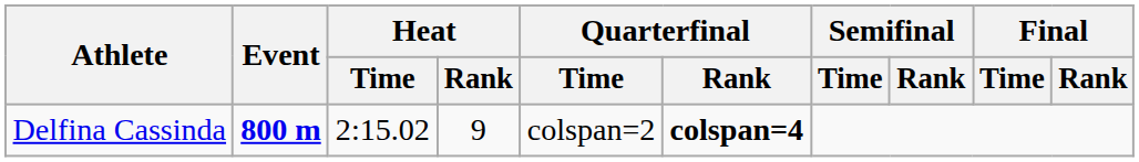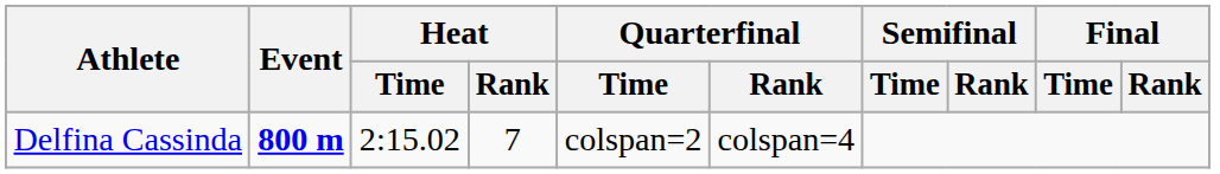 <table class=wikitable style=font-size:90%;text-align:center>
 <tr>
 <th rowspan=2>Athlete</th>
 <th rowspan=2>Event</th>
 <th colspan=2>Heat</th>
 <th colspan=2>Quarterfinal</th>
 <th colspan=2>Semifinal</th>
 <th colspan=2>Final</th>
 </tr>
 <tr style=font-size:95%>
 <th>Time</th>
 <th>Rank</th>
 <th>Time</th>
 <th>Rank</th>
 <th>Time</th>
 <th>Rank</th>
 <th>Time</th>
 <th>Rank</th>
 </tr>
 <tr>
 <td align=left><a href='#'>Delfina Cassinda</a></td>
 <td align=left><strong><a href='#'>800 m</a></strong></td>
 <td>2:15.02</td>
-<td>9</td>
+<td>7</td>
 <td>colspan=2 </td>
-<td><strong>colspan=4 </strong></td>
+<td>colspan=4 </td>
 </tr>
 </table>
